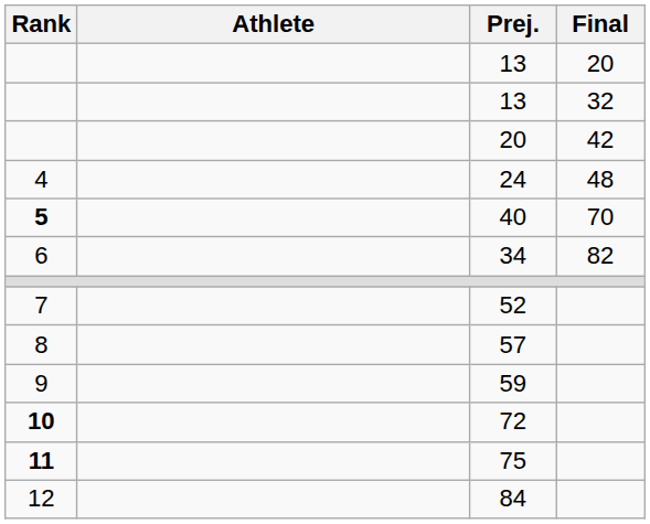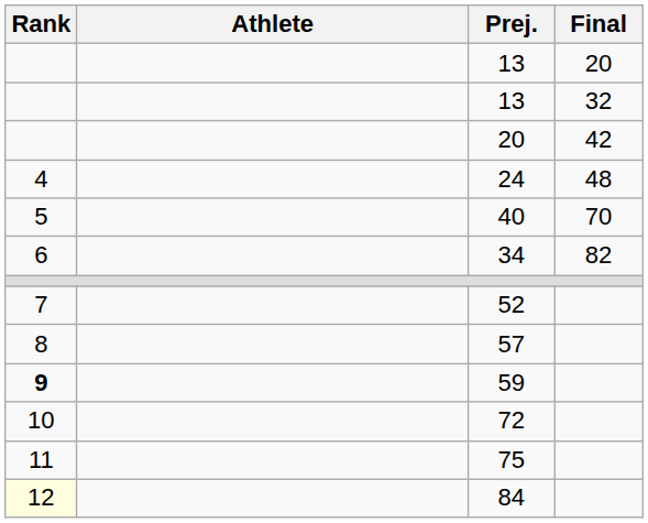 <table class=wikitable style="text-align:center">
 <tr>
 <th width=40>Rank</th>
 <th width=250>Athlete</th>
 <th width=50>Prej.</th>
 <th width=50>Final</th>
 </tr>
 <tr>
 <td></td>
 <td align=left></td>
 <td>13</td>
 <td>20</td>
 </tr>
 <tr>
 <td></td>
 <td align=left></td>
 <td>13</td>
 <td>32</td>
 </tr>
 <tr>
 <td></td>
 <td align=left></td>
 <td>20</td>
 <td>42</td>
 </tr>
 <tr>
 <td>4</td>
 <td align=left></td>
 <td>24</td>
 <td>48</td>
 </tr>
 <tr>
-<td><strong>5</strong></td>
+<td>5</td>
 <td align=left></td>
 <td>40</td>
 <td>70</td>
 </tr>
 <tr>
 <td>6</td>
 <td align=left></td>
 <td>34</td>
 <td>82</td>
 </tr>
 <tr bgcolor=#DDDDDD>
 <td colspan=4></td>
 </tr>
 <tr>
 <td>7</td>
 <td align=left></td>
 <td>52</td>
 <td></td>
 </tr>
 <tr>
 <td>8</td>
 <td align=left></td>
 <td>57</td>
 <td></td>
 </tr>
 <tr>
-<td>9</td>
+<td><strong>9</strong></td>
 <td align=left></td>
 <td>59</td>
 <td></td>
 </tr>
 <tr>
-<td><strong>10</strong></td>
+<td>10</td>
 <td align=left></td>
 <td>72</td>
 <td></td>
 </tr>
 <tr>
-<td><strong>11</strong></td>
+<td>11</td>
 <td align=left></td>
 <td>75</td>
 <td></td>
 </tr>
 <tr>
-<td>12</td>
+<td style="background: lightyellow;">12</td>
 <td align=left></td>
 <td>84</td>
 <td></td>
 </tr>
 </table>
